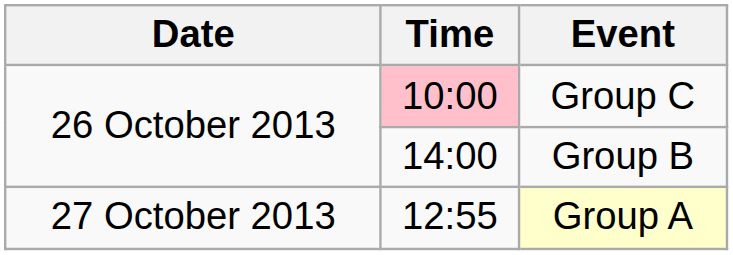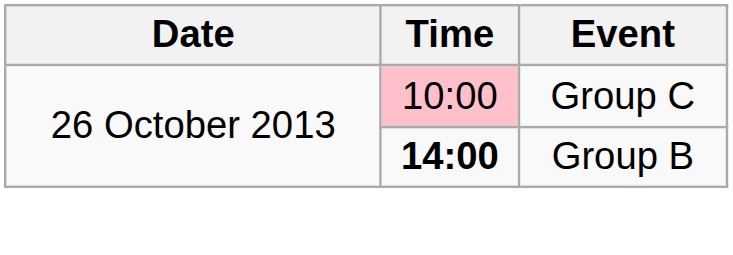 <table class = "wikitable" style="text-align:center;">
 <tr>
 <th width=150>Date</th>
 <th width=50>Time</th>
 <th width=80>Event</th>
 </tr>
 <tr>
 <td rowspan=2>26 October 2013</td>
 <td style="background: pink;">10:00</td>
 <td>Group C</td>
 </tr>
 <tr>
-<td>14:00</td>
+<td><strong>14:00</strong></td>
 <td>Group B</td>
 </tr>
-<tr>
-<td>27 October 2013</td>
-<td>12:55</td>
-<td bgcolor=ffffcc>Group A</td>
-</tr>
 </table>
